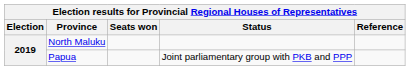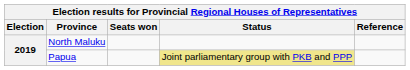 <table class="wikitable">
 <tr>
 <th colspan=5>Election results for Provincial <a href='#'>Regional Houses of Representatives</a></th>
 </tr>
 <tr>
 <th>Election</th>
 <th>Province</th>
 <th>Seats won</th>
 <th>Status</th>
 <th>Reference</th>
 </tr>
 <tr>
 <th rowspan=2>2019</th>
 <td><a href='#'>North Maluku</a></td>
 <td></td>
 <td></td>
 <td></td>
 </tr>
 <tr>
 <td><a href='#'>Papua</a></td>
 <td></td>
-<td>Joint parliamentary group with <a href='#'>PKB</a> and <a href='#'>PPP</a></td>
+<td style="background: khaki;">Joint parliamentary group with <a href='#'>PKB</a> and <a href='#'>PPP</a></td>
 <td></td>
 </tr>
 </table>
